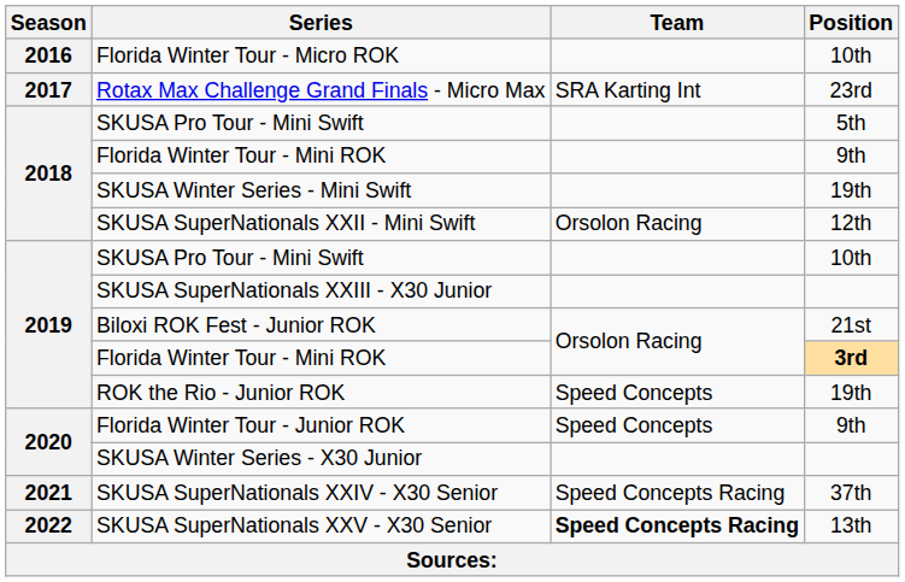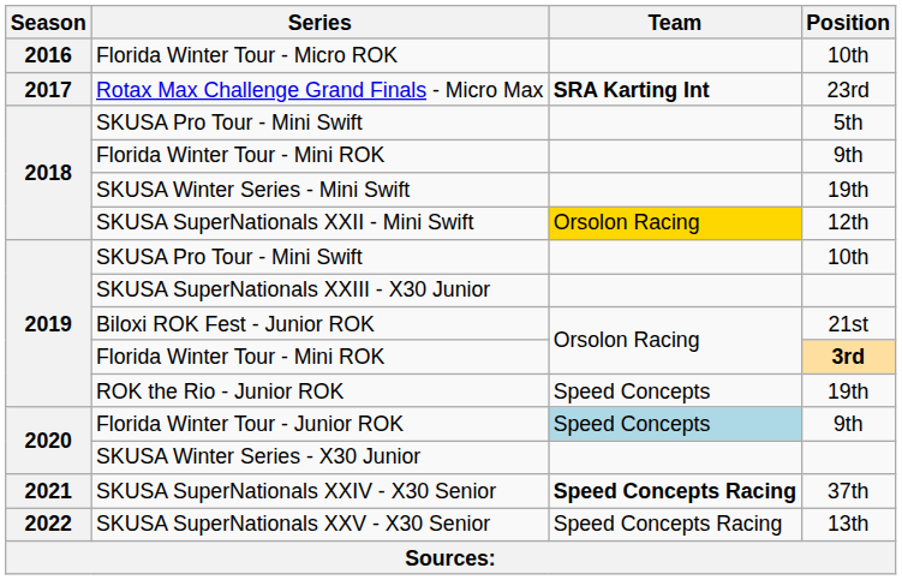 <table class="wikitable" style="font-size: 85%; text-align:center">
 <tr>
 <th>Season</th>
 <th>Series</th>
 <th>Team</th>
 <th>Position</th>
 </tr>
 <tr>
 <th>2016</th>
 <td align="left">Florida Winter Tour - Micro ROK</td>
 <td align="left"></td>
 <td>10th</td>
 </tr>
 <tr>
 <th>2017</th>
 <td align="left"><a href='#'>Rotax Max Challenge Grand Finals</a> - Micro Max</td>
-<td align="left">SRA Karting Int</td>
+<td align="left"><strong>SRA Karting Int</strong></td>
 <td>23rd</td>
 </tr>
 <tr>
 <th rowspan="4">2018</th>
 <td align="left">SKUSA Pro Tour - Mini Swift</td>
 <td align="left"></td>
 <td>5th</td>
 </tr>
 <tr>
 <td align="left">Florida Winter Tour - Mini ROK</td>
 <td align="left"></td>
 <td>9th</td>
 </tr>
 <tr>
 <td align="left">SKUSA Winter Series - Mini Swift</td>
 <td align="left"></td>
 <td>19th</td>
 </tr>
 <tr>
 <td align="left">SKUSA SuperNationals XXII - Mini Swift</td>
-<td align="left">Orsolon Racing</td>
+<td align="left" style="background: gold;">Orsolon Racing</td>
 <td>12th</td>
 </tr>
 <tr>
 <th rowspan="5">2019</th>
 <td align="left">SKUSA Pro Tour - Mini Swift</td>
 <td align="left"></td>
 <td>10th</td>
 </tr>
 <tr>
 <td align="left">SKUSA SuperNationals XXIII - X30 Junior</td>
 <td align="left"></td>
 <td></td>
 </tr>
 <tr>
 <td align="left">Biloxi ROK Fest - Junior ROK</td>
 <td rowspan="2" align="left">Orsolon Racing</td>
 <td>21st</td>
 </tr>
 <tr>
 <td align="left">Florida Winter Tour - Mini ROK</td>
 <td style="background:#FFDF9F"><strong>3rd</strong></td>
 </tr>
 <tr>
 <td align="left">ROK the Rio - Junior ROK</td>
 <td align="left">Speed Concepts</td>
 <td>19th</td>
 </tr>
 <tr>
 <th rowspan="2">2020</th>
 <td align="left">Florida Winter Tour - Junior ROK</td>
-<td align="left">Speed Concepts</td>
+<td align="left" style="background: lightblue;">Speed Concepts</td>
 <td>9th</td>
 </tr>
 <tr>
 <td align="left">SKUSA Winter Series - X30 Junior</td>
 <td align="left"></td>
 <td></td>
 </tr>
 <tr>
 <th>2021</th>
 <td align="left">SKUSA SuperNationals XXIV - X30 Senior</td>
-<td align="left">Speed Concepts Racing</td>
+<td align="left"><strong>Speed Concepts Racing</strong></td>
 <td>37th</td>
 </tr>
 <tr>
 <th>2022</th>
 <td align="left">SKUSA SuperNationals XXV - X30 Senior</td>
-<td align="left"><strong>Speed Concepts Racing</strong></td>
+<td align="left">Speed Concepts Racing</td>
 <td>13th</td>
 </tr>
 <tr>
 <th colspan="4">Sources:</th>
 </tr>
 </table>
